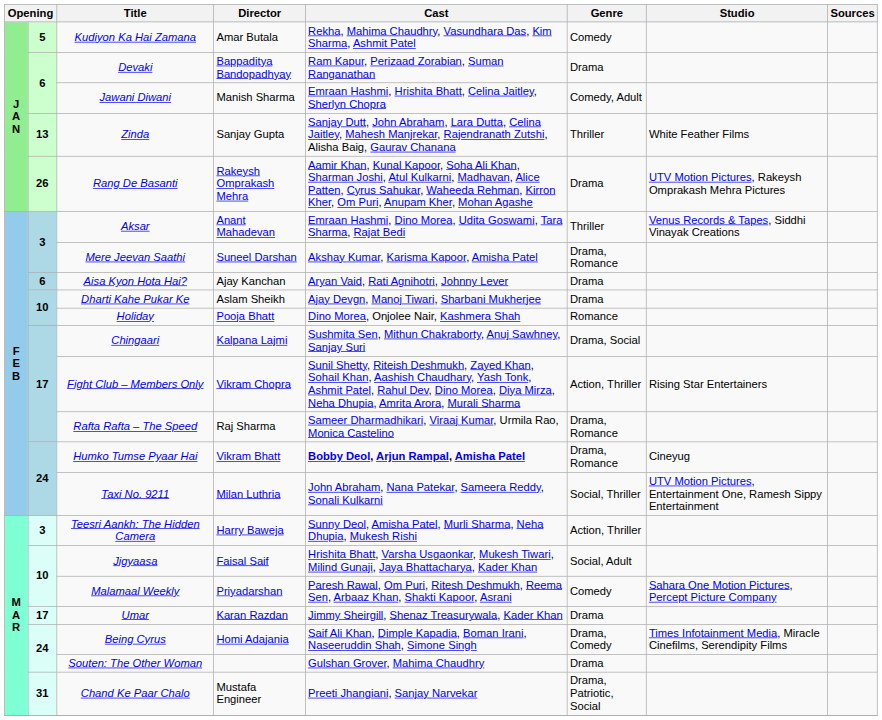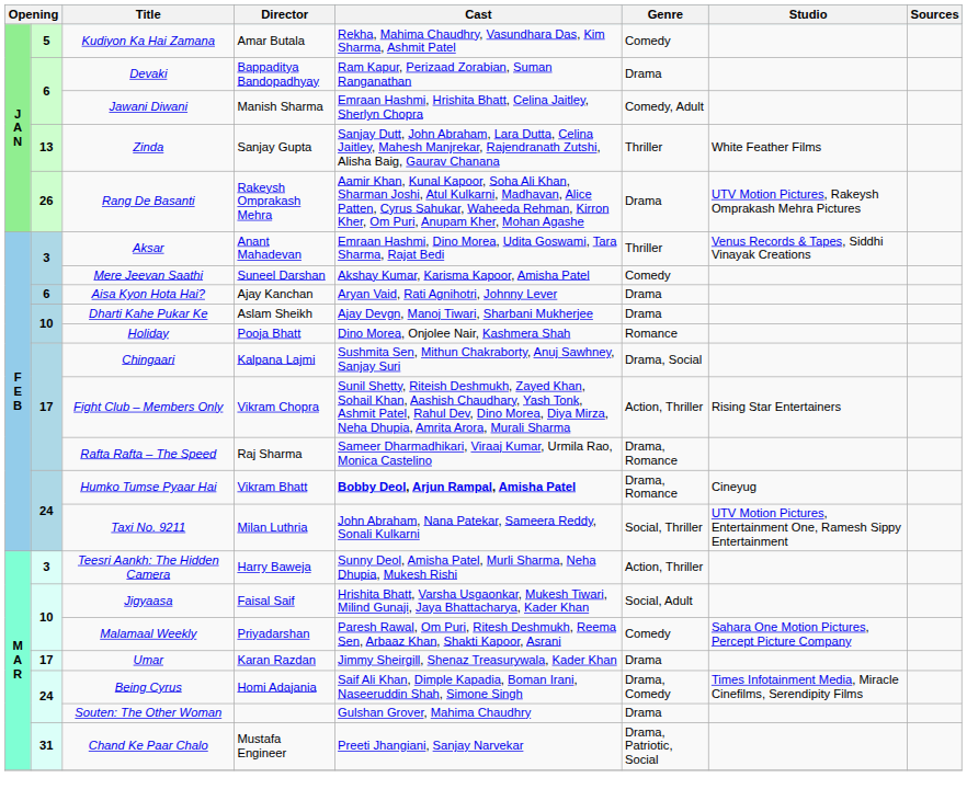 <table class="wikitable">
 <tr style="background:#b0e0e6;text-align:center;">
 <th colspan="2" style="width:6%;"><strong>Opening</strong></th>
 <th style="width:18%;"><strong>Title</strong></th>
 <th style="width:10.5%;"><strong>Director</strong></th>
 <th style="width:30%;"><strong>Cast</strong></th>
 <th>Genre</th>
 <th>Studio</th>
 <th>Sources</th>
 </tr>
 <tr>
 <td rowspan="5" style="text-align:center; background:lightGreen; textcolor:#000;"><strong>J<br>A<br>N</strong></td>
 <td rowspan="1" style="text-align:center;background:#cdfecd;"><strong>5</strong></td>
 <td style="text-align:center;"><em><a href='#'>Kudiyon Ka Hai Zamana</a></em></td>
 <td>Amar Butala</td>
 <td><a href='#'>Rekha</a>, <a href='#'>Mahima Chaudhry</a>, <a href='#'>Vasundhara Das</a>, <a href='#'>Kim Sharma</a>, <a href='#'>Ashmit Patel</a></td>
 <td>Comedy</td>
 <td></td>
 <td></td>
 </tr>
 <tr>
 <td rowspan="2" style="text-align:center;background:#cdfecd;"><strong>6</strong></td>
 <td style="text-align:center;"><em><a href='#'>Devaki</a></em></td>
 <td><a href='#'>Bappaditya Bandopadhyay</a></td>
 <td><a href='#'>Ram Kapur</a>, <a href='#'>Perizaad Zorabian</a>, <a href='#'>Suman Ranganathan</a></td>
 <td>Drama</td>
 <td></td>
 <td></td>
 </tr>
 <tr>
 <td style="text-align:center;"><em><a href='#'>Jawani Diwani</a></em></td>
 <td>Manish Sharma</td>
 <td><a href='#'>Emraan Hashmi</a>, <a href='#'>Hrishita Bhatt</a>, <a href='#'>Celina Jaitley</a>, <a href='#'>Sherlyn Chopra</a></td>
 <td>Comedy, Adult</td>
 <td></td>
 <td></td>
 </tr>
 <tr>
 <td style="text-align:center;background:#cdfecd;"><strong>13</strong></td>
 <td style="text-align:center;"><em><a href='#'>Zinda</a></em></td>
 <td>Sanjay Gupta</td>
 <td><a href='#'>Sanjay Dutt</a>, <a href='#'>John Abraham</a>, <a href='#'>Lara Dutta</a>, <a href='#'>Celina Jaitley</a>, <a href='#'>Mahesh Manjrekar</a>, <a href='#'>Rajendranath Zutshi</a>, Alisha Baig, <a href='#'>Gaurav Chanana</a></td>
 <td>Thriller</td>
 <td>White Feather Films</td>
 <td></td>
 </tr>
 <tr>
 <td rowspan="1" style="text-align:center;background:#cdfecd;"><strong>26</strong></td>
 <td style="text-align:center;"><em><a href='#'>Rang De Basanti</a></em></td>
 <td><a href='#'>Rakeysh Omprakash Mehra</a></td>
 <td><a href='#'>Aamir Khan</a>, <a href='#'>Kunal Kapoor</a>, <a href='#'>Soha Ali Khan</a>, <a href='#'>Sharman Joshi</a>, <a href='#'>Atul Kulkarni</a>, <a href='#'>Madhavan</a>, <a href='#'>Alice Patten</a>, <a href='#'>Cyrus Sahukar</a>, <a href='#'>Waheeda Rehman</a>, <a href='#'>Kirron Kher</a>, <a href='#'>Om Puri</a>, <a href='#'>Anupam Kher</a>, <a href='#'>Mohan Agashe</a></td>
 <td>Drama</td>
 <td><a href='#'>UTV Motion Pictures</a>, Rakeysh Omprakash Mehra Pictures</td>
 <td></td>
 </tr>
 <tr>
 <td rowspan="10" style="text-align:center; background:#93CCEA; textcolor:#000;"><strong>F<br>E<br>B</strong></td>
 <td rowspan="2" style="text-align:center;background:lightBlue;"><strong>3</strong></td>
 <td style="text-align:center;"><em><a href='#'>Aksar</a></em></td>
 <td><a href='#'>Anant Mahadevan</a></td>
 <td><a href='#'>Emraan Hashmi</a>, <a href='#'>Dino Morea</a>, <a href='#'>Udita Goswami</a>, <a href='#'>Tara Sharma</a>, <a href='#'>Rajat Bedi</a></td>
 <td>Thriller</td>
 <td><a href='#'>Venus Records & Tapes</a>, Siddhi Vinayak Creations</td>
 <td></td>
 </tr>
 <tr>
 <td style="text-align:center;"><em><a href='#'>Mere Jeevan Saathi</a></em></td>
 <td><a href='#'>Suneel Darshan</a></td>
 <td><a href='#'>Akshay Kumar</a>, <a href='#'>Karisma Kapoor</a>, <a href='#'>Amisha Patel</a></td>
-<td>Drama, Romance</td>
+<td>Comedy</td>
 <td></td>
 <td></td>
 </tr>
 <tr>
 <td rowspan="1" style="text-align:center;background:lightBlue;"><strong>6</strong></td>
 <td style="text-align:center;"><em><a href='#'>Aisa Kyon Hota Hai?</a></em></td>
 <td>Ajay Kanchan</td>
 <td><a href='#'>Aryan Vaid</a>, <a href='#'>Rati Agnihotri</a>, <a href='#'>Johnny Lever</a></td>
 <td>Drama</td>
 <td></td>
 <td></td>
 </tr>
 <tr>
 <td rowspan="2" style="text-align:center; background:lightBlue;"><strong>10</strong></td>
 <td style="text-align:center;"><em><a href='#'>Dharti Kahe Pukar Ke</a></em></td>
 <td>Aslam Sheikh</td>
 <td><a href='#'>Ajay Devgn</a>, <a href='#'>Manoj Tiwari</a>, <a href='#'>Sharbani Mukherjee</a></td>
 <td>Drama</td>
 <td></td>
 <td></td>
 </tr>
 <tr>
 <td style="text-align:center;"><em><a href='#'>Holiday</a></em></td>
 <td><a href='#'>Pooja Bhatt</a></td>
 <td><a href='#'>Dino Morea</a>, Onjolee Nair, <a href='#'>Kashmera Shah</a></td>
 <td>Romance</td>
 <td></td>
 <td></td>
 </tr>
 <tr>
 <td rowspan="3" style="text-align:center;background:lightBlue;"><strong>17</strong></td>
 <td style="text-align:center;"><em><a href='#'>Chingaari</a></em></td>
 <td><a href='#'>Kalpana Lajmi</a></td>
 <td><a href='#'>Sushmita Sen</a>, <a href='#'>Mithun Chakraborty</a>, <a href='#'>Anuj Sawhney</a>, <a href='#'>Sanjay Suri</a></td>
 <td>Drama, Social</td>
 <td></td>
 <td></td>
 </tr>
 <tr>
 <td style="text-align:center;"><em><a href='#'>Fight Club – Members Only</a></em></td>
 <td><a href='#'>Vikram Chopra</a></td>
 <td><a href='#'>Sunil Shetty</a>, <a href='#'>Riteish Deshmukh</a>, <a href='#'>Zayed Khan</a>, <a href='#'>Sohail Khan</a>, <a href='#'>Aashish Chaudhary</a>, <a href='#'>Yash Tonk</a>, <a href='#'>Ashmit Patel</a>, <a href='#'>Rahul Dev</a>, <a href='#'>Dino Morea</a>, <a href='#'>Diya Mirza</a>, <a href='#'>Neha Dhupia</a>, <a href='#'>Amrita Arora</a>, <a href='#'>Murali Sharma</a></td>
 <td>Action, Thriller</td>
 <td>Rising Star Entertainers</td>
 <td></td>
 </tr>
 <tr>
 <td style="text-align:center;"><em><a href='#'>Rafta Rafta – The Speed</a></em></td>
 <td>Raj Sharma</td>
 <td><a href='#'>Sameer Dharmadhikari</a>, <a href='#'>Viraaj Kumar</a>, Urmila Rao, <a href='#'>Monica Castelino</a></td>
 <td>Drama, Romance</td>
 <td></td>
 <td></td>
 </tr>
 <tr>
 <td rowspan="2" style="text-align:center;background:lightBlue;"><strong>24</strong></td>
 <td style="text-align:center;"><em><a href='#'>Humko Tumse Pyaar Hai</a></em></td>
 <td><a href='#'>Vikram Bhatt</a></td>
 <td><strong><a href='#'>Bobby Deol</a>, <a href='#'>Arjun Rampal</a>, <a href='#'>Amisha Patel</a></strong></td>
 <td>Drama, Romance</td>
 <td>Cineyug</td>
 <td></td>
 </tr>
 <tr>
 <td style="text-align:center;"><em><a href='#'>Taxi No. 9211</a></em></td>
 <td><a href='#'>Milan Luthria</a></td>
 <td><a href='#'>John Abraham</a>, <a href='#'>Nana Patekar</a>, <a href='#'>Sameera Reddy</a>, <a href='#'>Sonali Kulkarni</a></td>
 <td>Social, Thriller</td>
 <td><a href='#'>UTV Motion Pictures</a>, Entertainment One, Ramesh Sippy Entertainment</td>
 <td></td>
 </tr>
 <tr>
 <td rowspan="7" style="text-align:center; background:#7FFFD4; textcolor:#000;"><strong>M<br>A<br>R</strong></td>
 <td rowspan="1" style="text-align:center;background:#dbfff8;"><strong>3</strong></td>
 <td style="text-align:center;"><em><a href='#'>Teesri Aankh: The Hidden Camera</a></em></td>
 <td><a href='#'>Harry Baweja</a></td>
 <td><a href='#'>Sunny Deol</a>, <a href='#'>Amisha Patel</a>, <a href='#'>Murli Sharma</a>, <a href='#'>Neha Dhupia</a>, <a href='#'>Mukesh Rishi</a></td>
 <td>Action, Thriller</td>
 <td></td>
 <td></td>
 </tr>
 <tr>
 <td rowspan="2" style="text-align:center;background:#dbfff8;"><strong>10</strong></td>
 <td style="text-align:center;"><em><a href='#'>Jigyaasa</a></em></td>
 <td><a href='#'>Faisal Saif</a></td>
 <td><a href='#'>Hrishita Bhatt</a>, <a href='#'>Varsha Usgaonkar</a>, <a href='#'>Mukesh Tiwari</a>, <a href='#'>Milind Gunaji</a>, <a href='#'>Jaya Bhattacharya</a>, <a href='#'>Kader Khan</a></td>
 <td>Social, Adult</td>
 <td></td>
 <td></td>
 </tr>
 <tr>
 <td style="text-align:center;"><em><a href='#'>Malamaal Weekly</a></em></td>
 <td><a href='#'>Priyadarshan</a></td>
 <td><a href='#'>Paresh Rawal</a>, <a href='#'>Om Puri</a>, <a href='#'>Ritesh Deshmukh</a>, <a href='#'>Reema Sen</a>, <a href='#'>Arbaaz Khan</a>, <a href='#'>Shakti Kapoor</a>, <a href='#'>Asrani</a></td>
 <td>Comedy</td>
 <td><a href='#'>Sahara One Motion Pictures</a>, <a href='#'>Percept Picture Company</a></td>
 <td></td>
 </tr>
 <tr>
 <td rowspan="1" style="text-align:center;background:#dbfff8;"><strong>17</strong></td>
 <td style="text-align:center;"><em><a href='#'>Umar</a></em></td>
 <td><a href='#'>Karan Razdan</a></td>
 <td><a href='#'>Jimmy Sheirgill</a>, <a href='#'>Shenaz Treasurywala</a>, <a href='#'>Kader Khan</a></td>
 <td>Drama</td>
 <td></td>
 <td></td>
 </tr>
 <tr>
 <td rowspan="2" style="text-align:center;background:#dbfff8;"><strong>24</strong></td>
 <td style="text-align:center;"><em><a href='#'>Being Cyrus</a></em></td>
 <td><a href='#'>Homi Adajania</a></td>
 <td><a href='#'>Saif Ali Khan</a>, <a href='#'>Dimple Kapadia</a>, <a href='#'>Boman Irani</a>, <a href='#'>Naseeruddin Shah</a>, <a href='#'>Simone Singh</a></td>
 <td>Drama, Comedy</td>
 <td><a href='#'>Times Infotainment Media</a>, Miracle Cinefilms, Serendipity Films</td>
 <td></td>
 </tr>
 <tr>
 <td style="text-align:center;"><em><a href='#'>Souten: The Other Woman</a></em></td>
 <td></td>
 <td><a href='#'>Gulshan Grover</a>, <a href='#'>Mahima Chaudhry</a></td>
 <td>Drama</td>
 <td></td>
 <td></td>
 </tr>
 <tr>
 <td rowspan="1" style="text-align:center;background:#dbfff8;"><strong>31</strong></td>
 <td style="text-align:center;"><em><a href='#'>Chand Ke Paar Chalo</a></em></td>
 <td>Mustafa Engineer</td>
 <td><a href='#'>Preeti Jhangiani</a>, <a href='#'>Sanjay Narvekar</a></td>
 <td>Drama, Patriotic, Social</td>
 <td></td>
 <td></td>
 </tr>
 <tr>
 </tr>
 </table>
